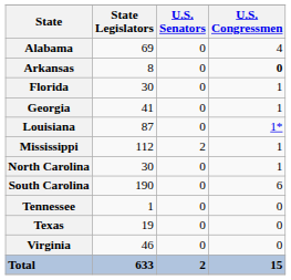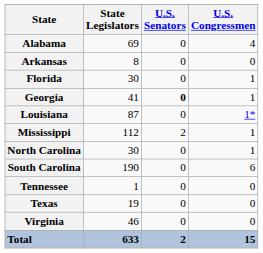 <table class="wikitable sortable plainrowheaders" style="margin:1em auto 1em auto">
 <tr>
 </tr>
 <tr>
 <th>State</th>
 <th>State<br>Legislators</th>
 <th><a href='#'>U.S.<br>Senators</a></th>
 <th><a href='#'>U.S.<br>Congressmen</a></th>
 </tr>
 <tr>
 <th scope="row">Alabama</th>
 <td style="text-align:right;">69</td>
 <td style="text-align:right;">0</td>
 <td style="text-align:right;">4</td>
 </tr>
 <tr>
 <th scope="row">Arkansas</th>
 <td style="text-align:right;">8</td>
 <td style="text-align:right;">0</td>
-<td style="text-align:right;"><strong>0</strong></td>
+<td style="text-align:right;">0</td>
 </tr>
 <tr>
 <th scope="row">Florida</th>
 <td style="text-align:right;">30</td>
 <td style="text-align:right;">0</td>
 <td style="text-align:right;">1</td>
 </tr>
 <tr>
 <th scope="row">Georgia</th>
 <td style="text-align:right;">41</td>
-<td style="text-align:right;">0</td>
+<td style="text-align:right;"><strong>0</strong></td>
 <td style="text-align:right;">1</td>
 </tr>
 <tr>
 <th scope="row">Louisiana</th>
 <td style="text-align:right;">87</td>
 <td style="text-align:right;">0</td>
 <td style="text-align:right;"><a href='#'>1*</a></td>
 </tr>
 <tr>
 <th scope="row">Mississippi</th>
 <td style="text-align:right;">112</td>
 <td style="text-align:right;">2</td>
 <td style="text-align:right;">1</td>
 </tr>
 <tr>
 <th scope="row">North Carolina</th>
 <td style="text-align:right;">30</td>
 <td style="text-align:right;">0</td>
 <td style="text-align:right;">1</td>
 </tr>
 <tr>
 <th scope="row">South Carolina</th>
 <td style="text-align:right;">190</td>
 <td style="text-align:right;">0</td>
 <td style="text-align:right;">6</td>
 </tr>
 <tr>
 <th scope="row">Tennessee</th>
 <td style="text-align:right;">1</td>
 <td style="text-align:right;">0</td>
 <td style="text-align:right;">0</td>
 </tr>
 <tr>
 <th scope="row">Texas</th>
 <td style="text-align:right;">19</td>
 <td style="text-align:right;">0</td>
 <td style="text-align:right;">0</td>
 </tr>
 <tr>
 <th scope="row">Virginia</th>
 <td style="text-align:right;">46</td>
 <td style="text-align:right;">0</td>
 <td style="text-align:right;">0</td>
 </tr>
 <tr style="background:#b0c4de;">
 <td><strong>Total</strong></td>
 <td style="text-align:right;"><strong>633</strong></td>
 <td style="text-align:right;"><strong>2</strong></td>
 <td style="text-align:right;"><strong>15</strong></td>
 </tr>
 <tr>
 </tr>
 </table>
